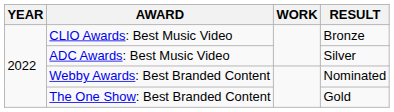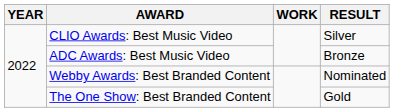 <table class="wikitable">
 <tr>
 <th>YEAR</th>
 <th>AWARD</th>
 <th>WORK</th>
 <th>RESULT</th>
 </tr>
 <tr>
 <td rowspan="4">2022</td>
 <td><a href='#'>CLIO Awards</a>: Best Music Video</td>
 <td rowspan="2"><em></em></td>
-<td>Bronze</td>
+<td>Silver</td>
 </tr>
 <tr>
 <td><a href='#'>ADC Awards</a>: Best Music Video</td>
-<td>Silver</td>
+<td>Bronze</td>
 </tr>
 <tr>
 <td><a href='#'>Webby Awards</a>: Best Branded Content</td>
 <td rowspan="2"><em></em></td>
 <td>Nominated</td>
 </tr>
 <tr>
 <td><a href='#'>The One Show</a>: Best Branded Content</td>
 <td>Gold</td>
 </tr>
 </table>
